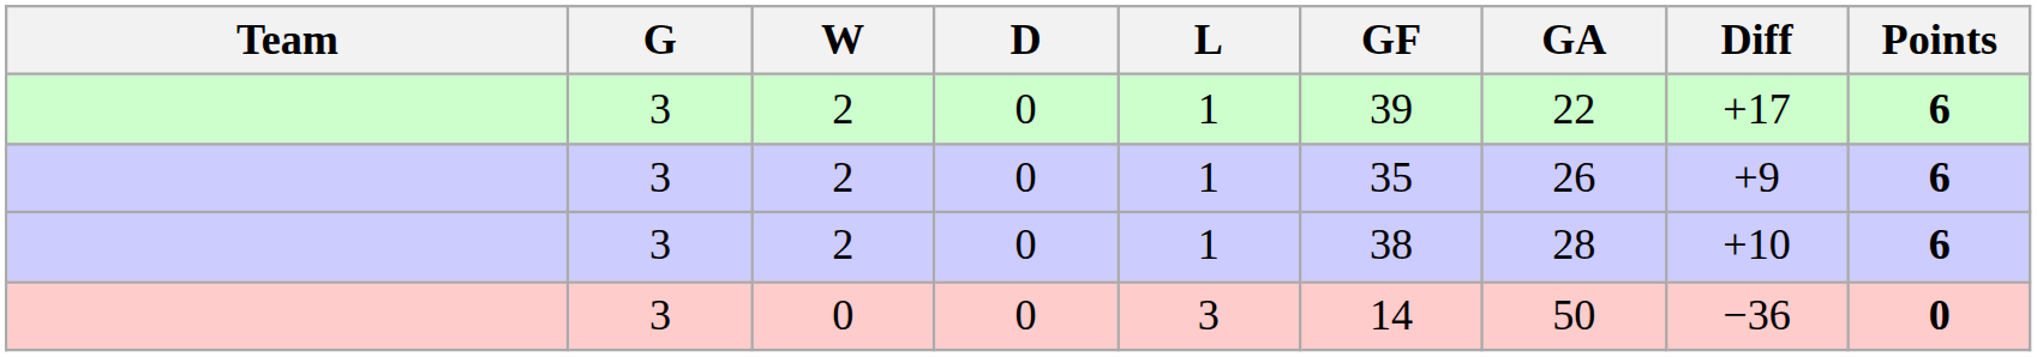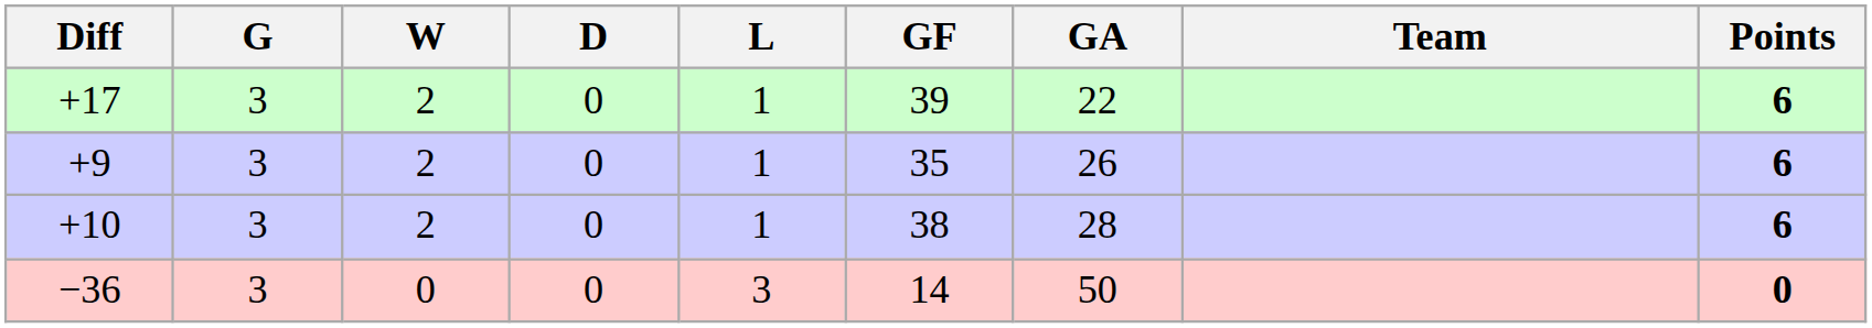 <table class=wikitable style="text-align:center">
 <tr bgcolor="#dcdcdc">
-<th width="200">Team</th>
+<th width="60">Diff</th>
 <th width="60">G</th>
 <th width="60">W</th>
 <th width="60">D</th>
 <th width="60">L</th>
 <th width="60">GF</th>
 <th width="60">GA</th>
-<th width="60">Diff</th>
+<th width="200">Team</th>
 <th width="60">Points</th>
 </tr>
 <tr bgcolor=ccffcc>
-<td align=left></td>
+<td>+17</td>
 <td>3</td>
 <td>2</td>
 <td>0</td>
 <td>1</td>
 <td>39</td>
 <td>22</td>
-<td>+17</td>
+<td align=left></td>
 <td><strong>6</strong></td>
 </tr>
 <tr bgcolor=ccccff>
-<td align=left></td>
+<td>+9</td>
 <td>3</td>
 <td>2</td>
 <td>0</td>
 <td>1</td>
 <td>35</td>
 <td>26</td>
-<td>+9</td>
+<td align=left></td>
 <td><strong>6</strong></td>
 </tr>
 <tr bgcolor=ccccff>
-<td align=left></td>
+<td>+10</td>
 <td>3</td>
 <td>2</td>
 <td>0</td>
 <td>1</td>
 <td>38</td>
 <td>28</td>
-<td>+10</td>
+<td align=left></td>
 <td><strong>6</strong></td>
 </tr>
 <tr bgcolor=ffcccc>
-<td align=left></td>
+<td>−36</td>
 <td>3</td>
 <td>0</td>
 <td>0</td>
 <td>3</td>
 <td>14</td>
 <td>50</td>
-<td>−36</td>
+<td align=left></td>
 <td><strong>0</strong></td>
 </tr>
 </table>
